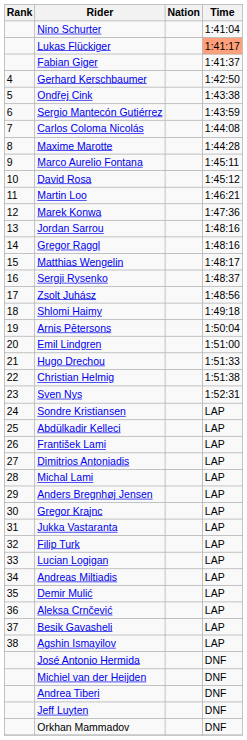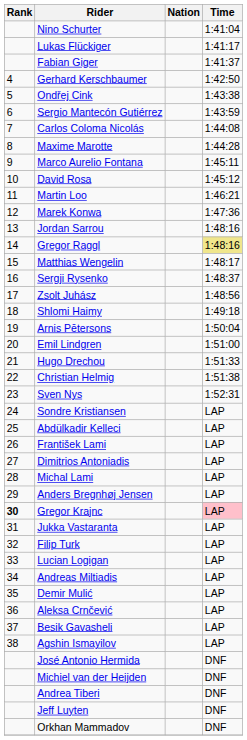 <table class="wikitable" style="font-size:95%" style="width:35em;">
 <tr>
 <th>Rank</th>
 <th>Rider</th>
 <th>Nation</th>
 <th>Time</th>
 </tr>
 <tr>
 <td></td>
 <td><a href='#'>Nino Schurter</a></td>
 <td></td>
 <td>1:41:04</td>
 </tr>
 <tr>
 <td></td>
 <td><a href='#'>Lukas Flückiger</a></td>
 <td></td>
-<td style="background: lightsalmon;">1:41:17</td>
+<td>1:41:17</td>
 </tr>
 <tr>
 <td></td>
 <td><a href='#'>Fabian Giger</a></td>
 <td></td>
 <td>1:41:37</td>
 </tr>
 <tr>
 <td>4</td>
 <td><a href='#'>Gerhard Kerschbaumer</a></td>
 <td></td>
 <td>1:42:50</td>
 </tr>
 <tr>
 <td>5</td>
 <td><a href='#'>Ondřej Cink</a></td>
 <td></td>
 <td>1:43:38</td>
 </tr>
 <tr>
 <td>6</td>
 <td><a href='#'>Sergio Mantecón Gutiérrez</a></td>
 <td></td>
 <td>1:43:59</td>
 </tr>
 <tr>
 <td>7</td>
 <td><a href='#'>Carlos Coloma Nicolás</a></td>
 <td></td>
 <td>1:44:08</td>
 </tr>
 <tr>
 <td>8</td>
 <td><a href='#'>Maxime Marotte</a></td>
 <td></td>
 <td>1:44:28</td>
 </tr>
 <tr>
 <td>9</td>
 <td><a href='#'>Marco Aurelio Fontana</a></td>
 <td></td>
 <td>1:45:11</td>
 </tr>
 <tr>
 <td>10</td>
 <td><a href='#'>David Rosa</a></td>
 <td></td>
 <td>1:45:12</td>
 </tr>
 <tr>
 <td>11</td>
 <td><a href='#'>Martin Loo</a></td>
 <td></td>
 <td>1:46:21</td>
 </tr>
 <tr>
 <td>12</td>
 <td><a href='#'>Marek Konwa</a></td>
 <td></td>
 <td>1:47:36</td>
 </tr>
 <tr>
 <td>13</td>
 <td><a href='#'>Jordan Sarrou</a></td>
 <td></td>
 <td>1:48:16</td>
 </tr>
 <tr>
 <td>14</td>
 <td><a href='#'>Gregor Raggl</a></td>
 <td></td>
-<td>1:48:16</td>
+<td style="background: khaki;">1:48:16</td>
 </tr>
 <tr>
 <td>15</td>
 <td><a href='#'>Matthias Wengelin</a></td>
 <td></td>
 <td>1:48:17</td>
 </tr>
 <tr>
 <td>16</td>
 <td><a href='#'>Sergji Rysenko</a></td>
 <td></td>
 <td>1:48:37</td>
 </tr>
 <tr>
 <td>17</td>
 <td><a href='#'>Zsolt Juhász</a></td>
 <td></td>
 <td>1:48:56</td>
 </tr>
 <tr>
 <td>18</td>
 <td><a href='#'>Shlomi Haimy</a></td>
 <td></td>
 <td>1:49:18</td>
 </tr>
 <tr>
 <td>19</td>
 <td><a href='#'>Arnis Pētersons</a></td>
 <td></td>
 <td>1:50:04</td>
 </tr>
 <tr>
 <td>20</td>
 <td><a href='#'>Emil Lindgren</a></td>
 <td></td>
 <td>1:51:00</td>
 </tr>
 <tr>
 <td>21</td>
 <td><a href='#'>Hugo Drechou</a></td>
 <td></td>
 <td>1:51:33</td>
 </tr>
 <tr>
 <td>22</td>
 <td><a href='#'>Christian Helmig</a></td>
 <td></td>
 <td>1:51:38</td>
 </tr>
 <tr>
 <td>23</td>
 <td><a href='#'>Sven Nys</a></td>
 <td></td>
 <td>1:52:31</td>
 </tr>
 <tr>
 <td>24</td>
 <td><a href='#'>Sondre Kristiansen</a></td>
 <td></td>
 <td>LAP</td>
 </tr>
 <tr>
 <td>25</td>
 <td><a href='#'>Abdülkadir Kelleci</a></td>
 <td></td>
 <td>LAP</td>
 </tr>
 <tr>
 <td>26</td>
 <td><a href='#'>František Lami</a></td>
 <td></td>
 <td>LAP</td>
 </tr>
 <tr>
 <td>27</td>
 <td><a href='#'>Dimitrios Antoniadis</a></td>
 <td></td>
 <td>LAP</td>
 </tr>
 <tr>
 <td>28</td>
 <td><a href='#'>Michal Lami</a></td>
 <td></td>
 <td>LAP</td>
 </tr>
 <tr>
 <td>29</td>
 <td><a href='#'>Anders Bregnhøj Jensen</a></td>
 <td></td>
 <td>LAP</td>
 </tr>
 <tr>
-<td>30</td>
+<td><strong>30</strong></td>
 <td><a href='#'>Gregor Krajnc</a></td>
 <td></td>
-<td>LAP</td>
+<td style="background: pink;">LAP</td>
 </tr>
 <tr>
 <td>31</td>
 <td><a href='#'>Jukka Vastaranta</a></td>
 <td></td>
 <td>LAP</td>
 </tr>
 <tr>
 <td>32</td>
 <td><a href='#'>Filip Turk</a></td>
 <td></td>
 <td>LAP</td>
 </tr>
 <tr>
 <td>33</td>
 <td><a href='#'>Lucian Logigan</a></td>
 <td></td>
 <td>LAP</td>
 </tr>
 <tr>
 <td>34</td>
 <td><a href='#'>Andreas Miltiadis</a></td>
 <td></td>
 <td>LAP</td>
 </tr>
 <tr>
 <td>35</td>
 <td><a href='#'>Demir Mulić</a></td>
 <td></td>
 <td>LAP</td>
 </tr>
 <tr>
 <td>36</td>
 <td><a href='#'>Aleksa Crnčević</a></td>
 <td></td>
 <td>LAP</td>
 </tr>
 <tr>
 <td>37</td>
 <td><a href='#'>Besik Gavasheli</a></td>
 <td></td>
 <td>LAP</td>
 </tr>
 <tr>
 <td>38</td>
 <td><a href='#'>Agshin Ismayilov</a></td>
 <td></td>
 <td>LAP</td>
 </tr>
 <tr>
 <td></td>
 <td><a href='#'>José Antonio Hermida</a></td>
 <td></td>
 <td>DNF</td>
 </tr>
 <tr>
 <td></td>
 <td><a href='#'>Michiel van der Heijden</a></td>
 <td></td>
 <td>DNF</td>
 </tr>
 <tr>
 <td></td>
 <td><a href='#'>Andrea Tiberi</a></td>
 <td></td>
 <td>DNF</td>
 </tr>
 <tr>
 <td></td>
 <td><a href='#'>Jeff Luyten</a></td>
 <td></td>
 <td>DNF</td>
 </tr>
 <tr>
 <td></td>
 <td>Orkhan Mammadov</td>
 <td></td>
 <td>DNF</td>
 </tr>
 <tr>
 </tr>
 </table>
